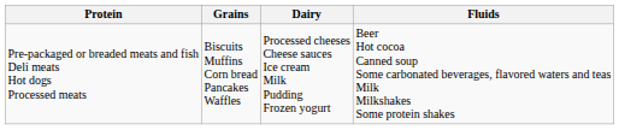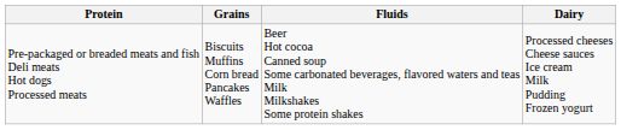 <table class="wikitable">
 <tr>
 <th>Protein</th>
 <th>Grains</th>
+<th>Fluids</th>
 <th>Dairy</th>
-<th>Fluids</th>
 </tr>
 <tr>
 <td>Pre-packaged or breaded meats and fish<br>Deli meats<br>Hot dogs<br>Processed meats</td>
 <td>Biscuits<br>Muffins<br>Corn bread<br>Pancakes<br>Waffles</td>
+<td>Beer<br>Hot cocoa<br>Canned soup<br>Some carbonated beverages, flavored waters and teas<br>Milk<br>Milkshakes<br>Some protein shakes</td>
 <td>Processed cheeses<br>Cheese sauces<br>Ice cream<br>Milk<br>Pudding<br>Frozen yogurt</td>
-<td>Beer<br>Hot cocoa<br>Canned soup<br>Some carbonated beverages, flavored waters and teas<br>Milk<br>Milkshakes<br>Some protein shakes</td>
 </tr>
 </table>
